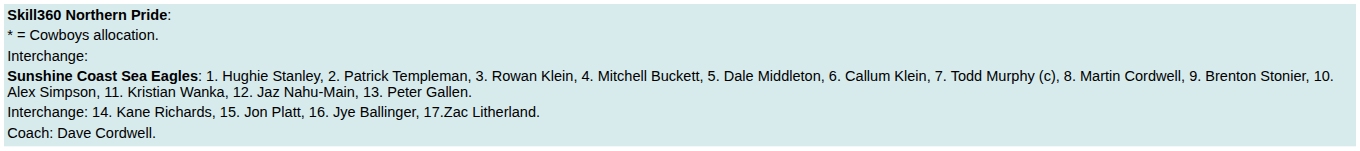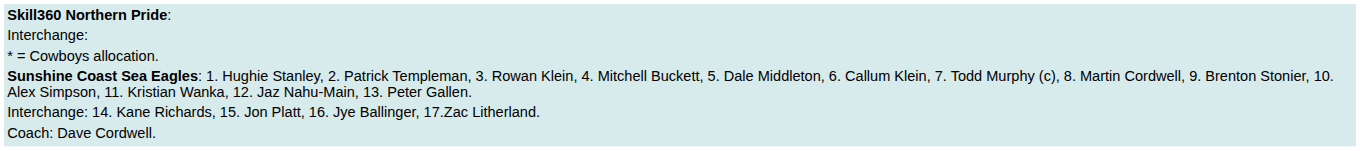 <table style="background:#d7ebed; font-size:85%; width:100%;">
 <tr>
 <td><strong>Skill360 Northern Pride</strong>:             </td>
 </tr>
 <tr>
-<td>* = Cowboys allocation.</td>
+<td>Interchange:    </td>
 </tr>
 <tr>
-<td>Interchange:    </td>
+<td>* = Cowboys allocation.</td>
 </tr>
 <tr>
 <td><strong>Sunshine Coast Sea Eagles</strong>: 1. Hughie Stanley, 2. Patrick Templeman, 3. Rowan Klein, 4. Mitchell Buckett, 5. Dale Middleton, 6. Callum Klein, 7. Todd Murphy (c), 8. Martin Cordwell, 9. Brenton Stonier, 10. Alex Simpson, 11. Kristian Wanka, 12. Jaz Nahu-Main, 13. Peter Gallen.</td>
 </tr>
 <tr>
 <td>Interchange: 14. Kane Richards, 15. Jon Platt, 16. Jye Ballinger, 17.Zac Litherland.</td>
 </tr>
 <tr>
 <td>Coach: Dave Cordwell.</td>
 </tr>
 <tr>
 </tr>
 </table>
